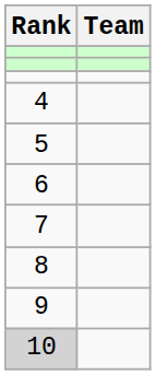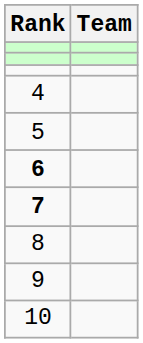 <table class="wikitable" style="text-align: center;">
 <tr>
 <th>Rank</th>
 <th>Team</th>
 </tr>
 <tr bgcolor="ccffcc">
 <td></td>
 <td align="left"></td>
 </tr>
 <tr bgcolor="ccffcc">
 <td></td>
 <td align="left"></td>
 </tr>
 <tr>
 <td></td>
 <td align="left"></td>
 </tr>
 <tr>
 <td>4</td>
 <td align="left"></td>
 </tr>
 <tr>
 <td>5</td>
 <td align="left"></td>
 </tr>
 <tr>
-<td>6</td>
+<td><strong>6</strong></td>
 <td align="left"></td>
 </tr>
 <tr>
-<td>7</td>
+<td><strong>7</strong></td>
 <td align="left"></td>
 </tr>
 <tr>
 <td>8</td>
 <td align="left"></td>
 </tr>
 <tr>
 <td>9</td>
 <td align="left"></td>
 </tr>
 <tr>
-<td style="background: lightgrey;">10</td>
+<td>10</td>
 <td align="left"></td>
 </tr>
 </table>
